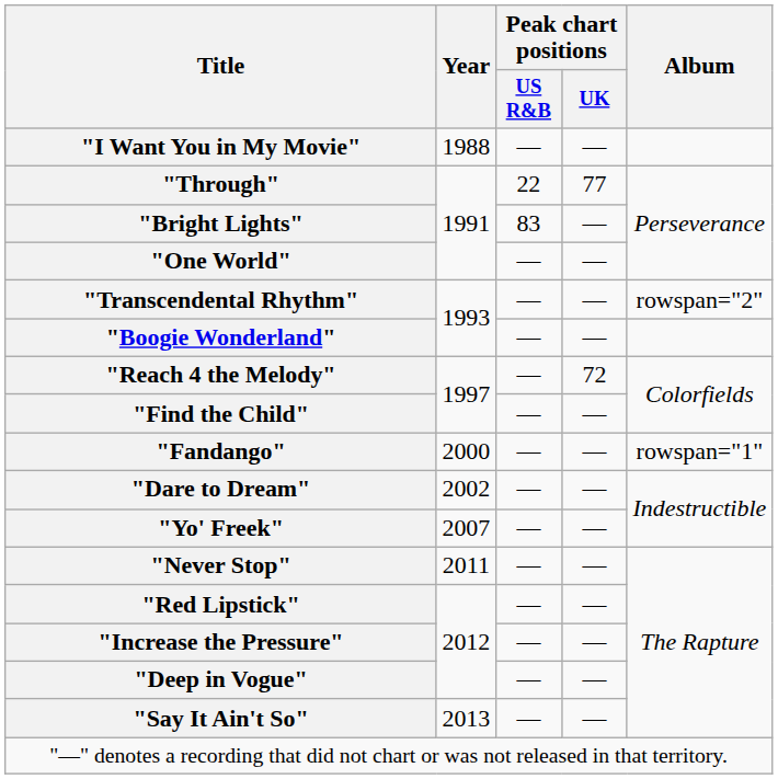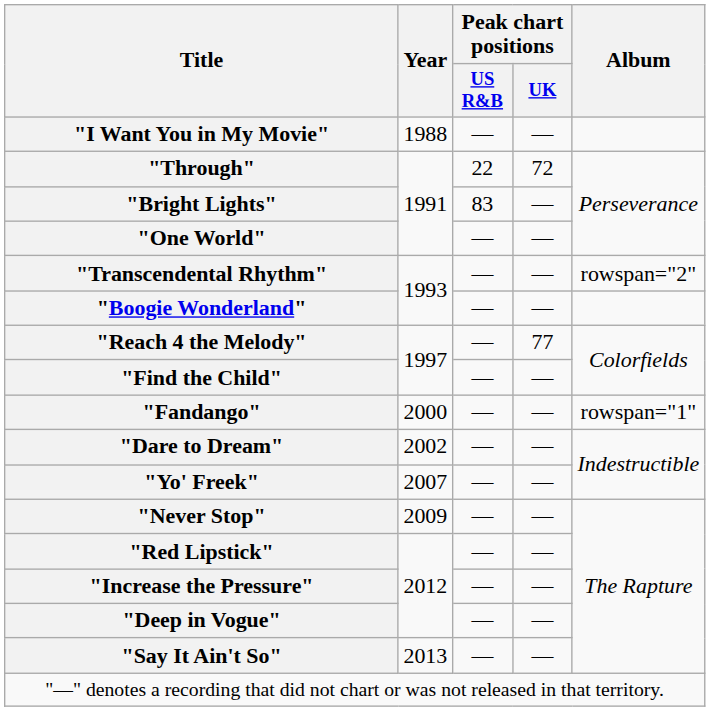 <table class="wikitable plainrowheaders" style="text-align: center;" border="1">
 <tr>
 <th scope="col" rowspan="2" style="width:17.5em;">Title</th>
 <th scope="col" rowspan="2" style="width:1em;">Year</th>
 <th scope="col" colspan="2">Peak chart positions</th>
 <th scope="col" rowspan="2">Album</th>
 </tr>
 <tr>
 <th scope="col" style="width:2.75em;font-size:85%;"><a href='#'>US<br>R&B</a> <br></th>
 <th scope="col" style="width:2.75em;font-size:85%;"><a href='#'>UK</a> <br></th>
 </tr>
 <tr>
 <th scope="row">"I Want You in My Movie"</th>
 <td>1988</td>
 <td>—</td>
 <td>—</td>
 <td></td>
 </tr>
 <tr>
 <th scope="row">"Through"</th>
 <td rowspan="3">1991</td>
 <td>22</td>
-<td>77</td>
+<td>72</td>
 <td rowspan="3"><em>Perseverance</em></td>
 </tr>
 <tr>
 <th scope="row">"Bright Lights"</th>
 <td>83</td>
 <td>—</td>
 </tr>
 <tr>
 <th scope="row">"One World"</th>
 <td>—</td>
 <td>—</td>
 </tr>
 <tr>
 <th scope="row">"Transcendental Rhythm"</th>
 <td rowspan="2">1993</td>
 <td>—</td>
 <td>—</td>
 <td>rowspan="2" </td>
 </tr>
 <tr>
 <th scope="row">"<a href='#'>Boogie Wonderland</a>"</th>
 <td>—</td>
 <td>—</td>
 </tr>
 <tr>
 <th scope="row">"Reach 4 the Melody"</th>
 <td rowspan="2">1997</td>
 <td>—</td>
-<td>72</td>
+<td>77</td>
 <td rowspan="2"><em>Colorfields</em></td>
 </tr>
 <tr>
 <th scope="row">"Find the Child"</th>
 <td>—</td>
 <td>—</td>
 </tr>
 <tr>
 <th scope="row">"Fandango"</th>
 <td rowspan="1">2000</td>
 <td>—</td>
 <td>—</td>
 <td>rowspan="1" </td>
 </tr>
 <tr>
 <th scope="row">"Dare to Dream"</th>
 <td rowspan="1">2002</td>
 <td>—</td>
 <td>—</td>
 <td rowspan="2"><em>Indestructible</em></td>
 </tr>
 <tr>
 <th scope="row">"Yo' Freek"</th>
 <td rowspan="1">2007</td>
 <td>—</td>
 <td>—</td>
 </tr>
 <tr>
 <th scope="row">"Never Stop"</th>
-<td rowspan="1">2011</td>
+<td rowspan="1">2009</td>
 <td>—</td>
 <td>—</td>
 <td rowspan="5"><em>The Rapture</em></td>
 </tr>
 <tr>
 <th scope="row">"Red Lipstick"</th>
 <td rowspan="3">2012</td>
 <td>—</td>
 <td>—</td>
 </tr>
 <tr>
 <th scope="row">"Increase the Pressure"</th>
 <td>—</td>
 <td>—</td>
 </tr>
 <tr>
 <th scope="row">"Deep in Vogue"</th>
 <td>—</td>
 <td>—</td>
 </tr>
 <tr>
 <th scope="row">"Say It Ain't So"</th>
 <td rowspan="1">2013</td>
 <td>—</td>
 <td>—</td>
 </tr>
 <tr>
 <td colspan="6" style="font-size:90%">"—" denotes a recording that did not chart or was not released in that territory.</td>
 </tr>
 </table>
